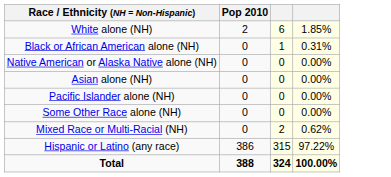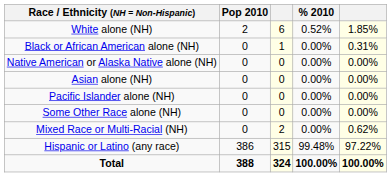 <table class="wikitable" style="text-align:center;">
 <tr>
 <th>Race / Ethnicity <small>(<em>NH = Non-Hispanic</em>)</small></th>
 <th>Pop 2010</th>
 <th></th>
+<th>% 2010</th>
 <th></th>
 </tr>
 <tr>
 <td><a href='#'>White</a> alone (NH)</td>
 <td>2</td>
 <td style='background: #ffffe6;'>6</td>
+<td>0.52%</td>
 <td style='background: #ffffe6;'>1.85%</td>
 </tr>
 <tr>
 <td><a href='#'>Black or African American</a> alone (NH)</td>
 <td>0</td>
 <td style='background: #ffffe6;'>1</td>
+<td>0.00%</td>
 <td style='background: #ffffe6;'>0.31%</td>
 </tr>
 <tr>
 <td><a href='#'>Native American</a> or <a href='#'>Alaska Native</a> alone (NH)</td>
 <td>0</td>
 <td style='background: #ffffe6;'>0</td>
+<td>0.00%</td>
 <td style='background: #ffffe6;'>0.00%</td>
 </tr>
 <tr>
 <td><a href='#'>Asian</a> alone (NH)</td>
 <td>0</td>
 <td style='background: #ffffe6;'>0</td>
+<td>0.00%</td>
 <td style='background: #ffffe6;'>0.00%</td>
 </tr>
 <tr>
 <td><a href='#'>Pacific Islander</a> alone (NH)</td>
 <td>0</td>
 <td style='background: #ffffe6;'>0</td>
+<td>0.00%</td>
 <td style='background: #ffffe6;'>0.00%</td>
 </tr>
 <tr>
 <td><a href='#'>Some Other Race</a> alone (NH)</td>
 <td>0</td>
 <td style='background: #ffffe6;'>0</td>
+<td>0.00%</td>
 <td style='background: #ffffe6;'>0.00%</td>
 </tr>
 <tr>
 <td><a href='#'>Mixed Race or Multi-Racial</a> (NH)</td>
 <td>0</td>
 <td style='background: #ffffe6;'>2</td>
+<td>0.00%</td>
 <td style='background: #ffffe6;'>0.62%</td>
 </tr>
 <tr>
 <td><a href='#'>Hispanic or Latino</a> (any race)</td>
 <td>386</td>
 <td style='background: #ffffe6;'>315</td>
+<td>99.48%</td>
 <td style='background: #ffffe6;'>97.22%</td>
 </tr>
 <tr>
 <td><strong>Total</strong></td>
 <td><strong>388</strong></td>
 <td style='background: #ffffe6;'><strong>324</strong></td>
+<td><strong>100.00%</strong></td>
 <td style='background: #ffffe6;'><strong>100.00%</strong></td>
 </tr>
 </table>
